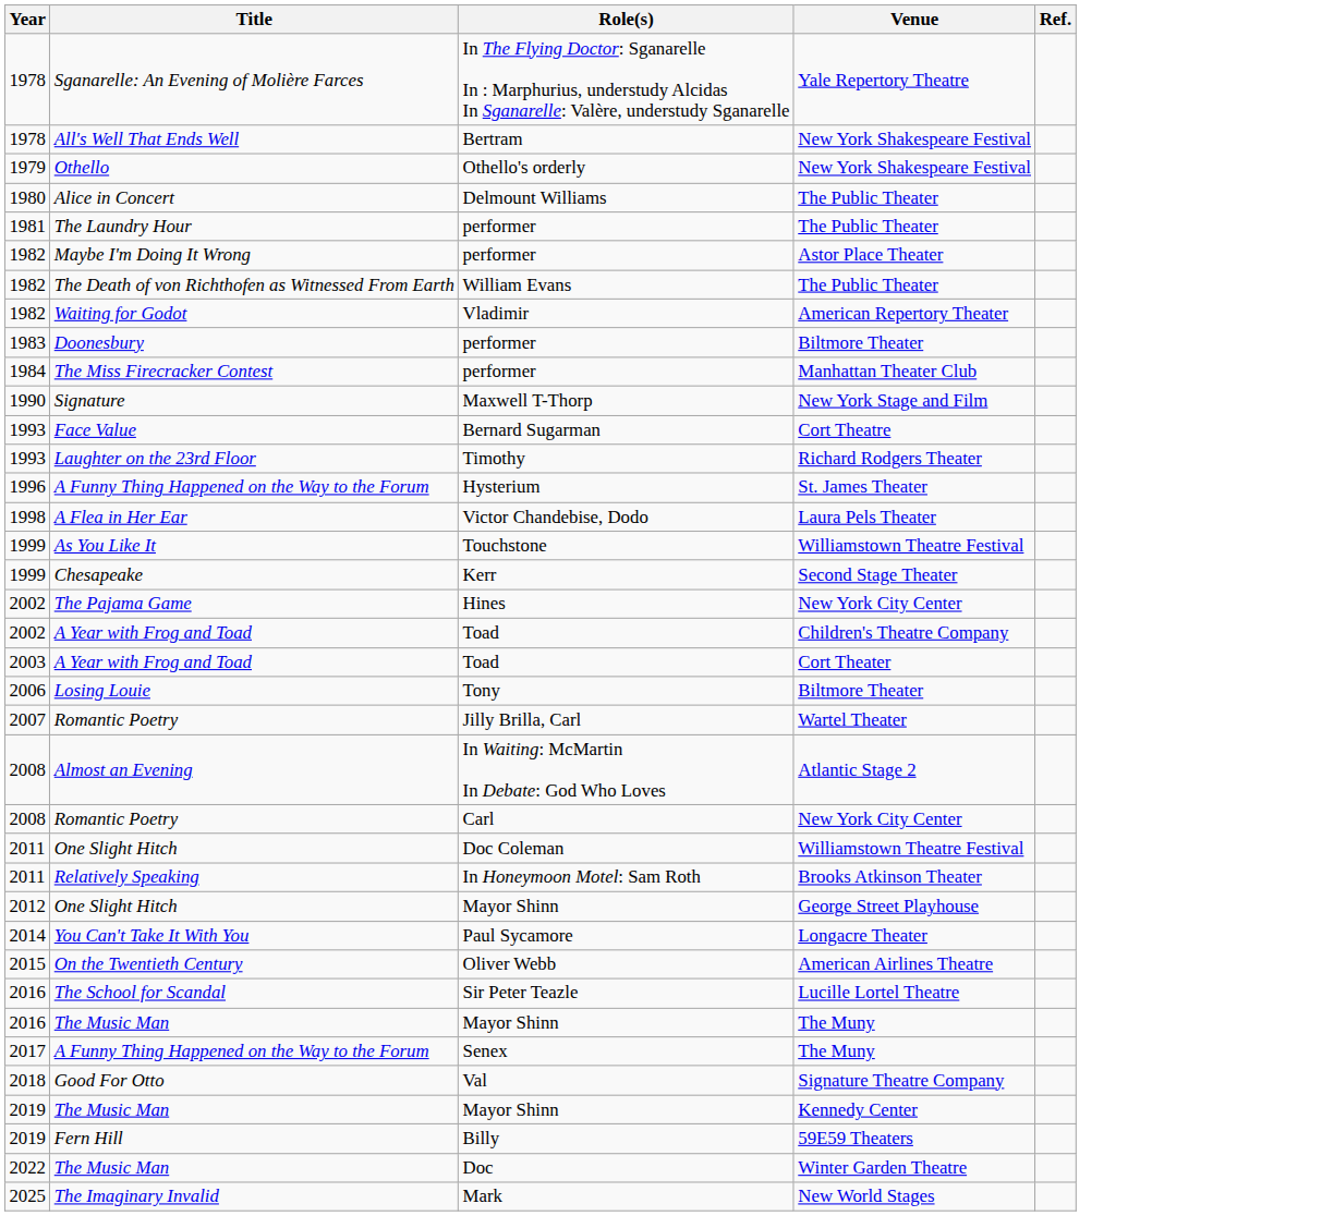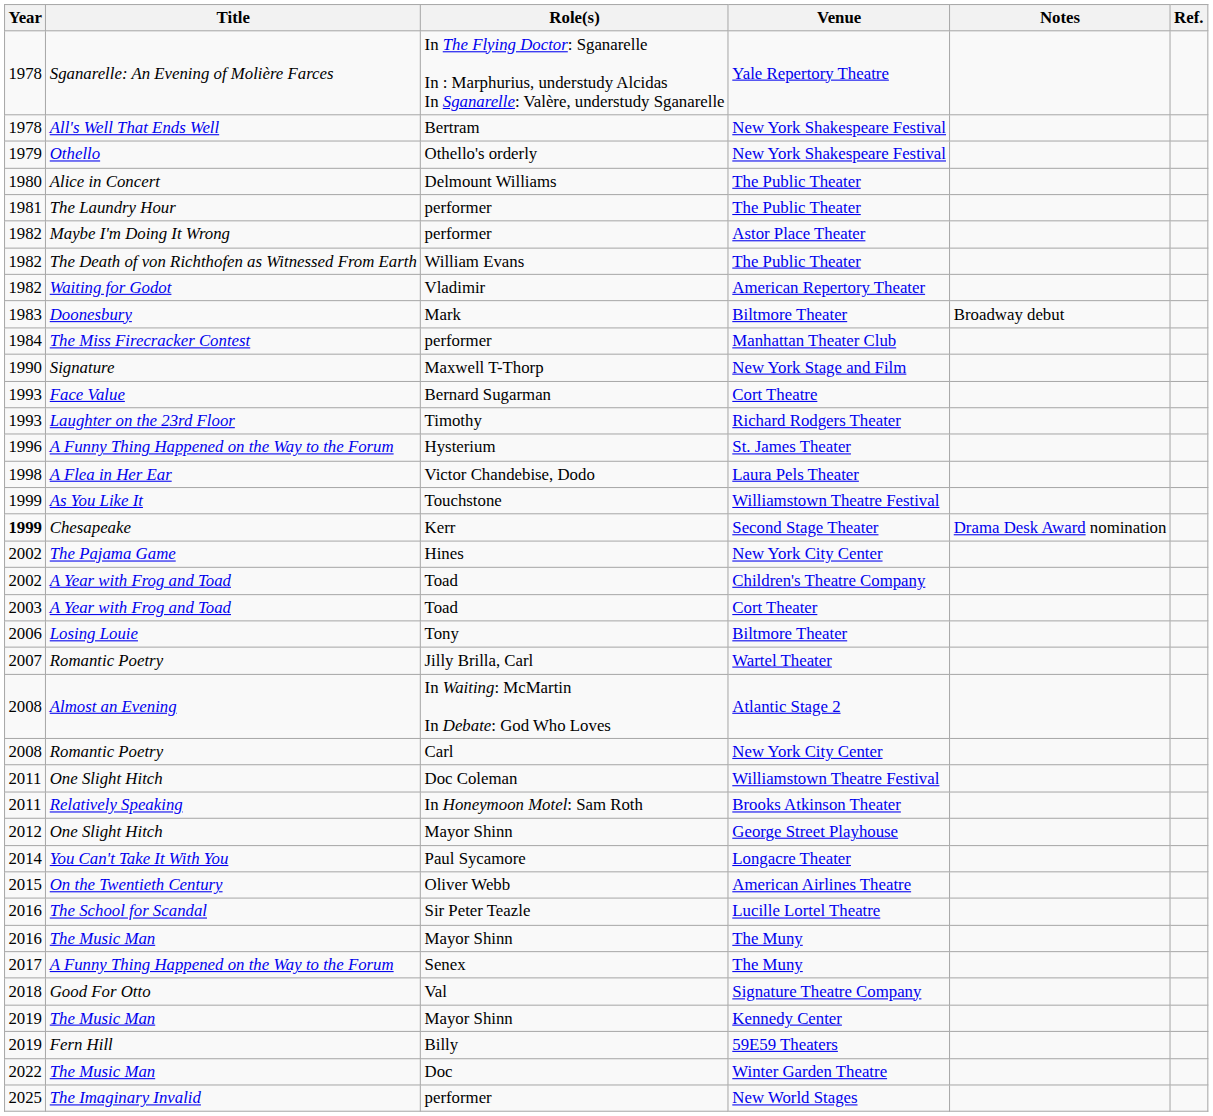 <table class="wikitable">
 <tr>
 <th>Year</th>
 <th>Title</th>
 <th>Role(s)</th>
 <th>Venue</th>
+<th>Notes</th>
 <th>Ref.</th>
 </tr>
 <tr>
 <td>1978</td>
 <td><em>Sganarelle: An Evening of Molière Farces</em></td>
 <td>In <em><a href='#'>The Flying Doctor</a></em>: Sganarelle<br><br>In <em></em>: Marphurius, understudy Alcidas<br> In <em><a href='#'>Sganarelle</a></em>: Valère, understudy Sganarelle</td>
 <td><a href='#'>Yale Repertory Theatre</a></td>
 <td></td>
+<td></td>
 </tr>
 <tr>
 <td>1978</td>
 <td><em><a href='#'>All's Well That Ends Well</a></em></td>
 <td>Bertram</td>
 <td><a href='#'>New York Shakespeare Festival</a></td>
+<td></td>
 <td></td>
 </tr>
 <tr>
 <td>1979</td>
 <td><em><a href='#'>Othello</a></em></td>
 <td>Othello's orderly</td>
 <td><a href='#'>New York Shakespeare Festival</a></td>
 <td></td>
+<td></td>
 </tr>
 <tr>
 <td>1980</td>
 <td><em>Alice in Concert</em></td>
 <td>Delmount Williams</td>
 <td><a href='#'>The Public Theater</a></td>
+<td></td>
 <td></td>
 </tr>
 <tr>
 <td>1981</td>
 <td><em>The Laundry Hour</em></td>
 <td>performer</td>
 <td><a href='#'>The Public Theater</a></td>
 <td></td>
+<td></td>
 </tr>
 <tr>
 <td>1982</td>
 <td><em>Maybe I'm Doing It Wrong</em></td>
 <td>performer</td>
 <td><a href='#'>Astor Place Theater</a></td>
+<td></td>
 <td></td>
 </tr>
 <tr>
 <td>1982</td>
 <td><em>The Death of von Richthofen as Witnessed From Earth</em></td>
 <td>William Evans</td>
 <td><a href='#'>The Public Theater</a></td>
 <td></td>
+<td></td>
 </tr>
 <tr>
 <td>1982</td>
 <td><em><a href='#'>Waiting for Godot</a></em></td>
 <td>Vladimir</td>
 <td><a href='#'>American Repertory Theater</a></td>
 <td></td>
+<td></td>
 </tr>
 <tr>
 <td>1983</td>
 <td><em><a href='#'>Doonesbury</a></em></td>
-<td>performer</td>
+<td>Mark</td>
 <td><a href='#'>Biltmore Theater</a></td>
+<td>Broadway debut</td>
 <td></td>
 </tr>
 <tr>
 <td>1984</td>
 <td><em><a href='#'>The Miss Firecracker Contest</a></em></td>
 <td>performer</td>
 <td><a href='#'>Manhattan Theater Club</a></td>
 <td></td>
+<td></td>
 </tr>
 <tr>
 <td>1990</td>
 <td><em>Signature</em></td>
 <td>Maxwell T-Thorp</td>
 <td><a href='#'>New York Stage and Film</a></td>
+<td></td>
 <td></td>
 </tr>
 <tr>
 <td>1993</td>
 <td><em><a href='#'>Face Value</a></em></td>
 <td>Bernard Sugarman</td>
 <td><a href='#'>Cort Theatre</a></td>
 <td></td>
+<td></td>
 </tr>
 <tr>
 <td>1993</td>
 <td><em><a href='#'>Laughter on the 23rd Floor</a></em></td>
 <td>Timothy</td>
 <td><a href='#'>Richard Rodgers Theater</a></td>
+<td></td>
 <td></td>
 </tr>
 <tr>
 <td>1996</td>
 <td><em><a href='#'>A Funny Thing Happened on the Way to the Forum</a></em></td>
 <td>Hysterium</td>
 <td><a href='#'>St. James Theater</a></td>
 <td></td>
+<td></td>
 </tr>
 <tr>
 <td>1998</td>
 <td><em><a href='#'>A Flea in Her Ear</a></em></td>
 <td>Victor Chandebise, Dodo</td>
 <td><a href='#'>Laura Pels Theater</a></td>
+<td></td>
 <td></td>
 </tr>
 <tr>
 <td>1999</td>
 <td><em><a href='#'>As You Like It</a></em></td>
 <td>Touchstone</td>
 <td><a href='#'>Williamstown Theatre Festival</a></td>
 <td></td>
+<td></td>
 </tr>
 <tr>
-<td>1999</td>
+<td><strong>1999</strong></td>
 <td><em>Chesapeake</em></td>
 <td>Kerr</td>
 <td><a href='#'>Second Stage Theater</a></td>
+<td><a href='#'>Drama Desk Award</a> nomination</td>
 <td></td>
 </tr>
 <tr>
 <td>2002</td>
 <td><em><a href='#'>The Pajama Game</a></em></td>
 <td>Hines</td>
 <td><a href='#'>New York City Center</a></td>
 <td></td>
+<td></td>
 </tr>
 <tr>
 <td>2002</td>
 <td><em><a href='#'>A Year with Frog and Toad</a></em></td>
 <td>Toad</td>
 <td><a href='#'>Children's Theatre Company</a></td>
+<td></td>
 <td></td>
 </tr>
 <tr>
 <td>2003</td>
 <td><em><a href='#'>A Year with Frog and Toad</a></em></td>
 <td>Toad</td>
 <td><a href='#'>Cort Theater</a></td>
 <td></td>
+<td></td>
 </tr>
 <tr>
 <td>2006</td>
 <td><em><a href='#'>Losing Louie</a></em></td>
 <td>Tony</td>
 <td><a href='#'>Biltmore Theater</a></td>
+<td></td>
 <td></td>
 </tr>
 <tr>
 <td>2007</td>
 <td><em>Romantic Poetry</em></td>
 <td>Jilly Brilla, Carl</td>
 <td><a href='#'>Wartel Theater</a></td>
 <td></td>
+<td></td>
 </tr>
 <tr>
 <td>2008</td>
 <td><em><a href='#'>Almost an Evening</a></em></td>
 <td>In <em>Waiting</em>: McMartin<br><br>In <em>Debate</em>: God Who Loves</td>
 <td><a href='#'>Atlantic Stage 2</a></td>
+<td></td>
 <td></td>
 </tr>
 <tr>
 <td>2008</td>
 <td><em>Romantic Poetry</em></td>
 <td>Carl</td>
 <td><a href='#'>New York City Center</a></td>
 <td></td>
+<td></td>
 </tr>
 <tr>
 <td>2011</td>
 <td><em>One Slight Hitch</em></td>
 <td>Doc Coleman</td>
 <td><a href='#'>Williamstown Theatre Festival</a></td>
+<td></td>
 <td></td>
 </tr>
 <tr>
 <td>2011</td>
 <td><em><a href='#'>Relatively Speaking</a></em></td>
 <td>In <em>Honeymoon Motel</em>: Sam Roth</td>
 <td><a href='#'>Brooks Atkinson Theater</a></td>
 <td></td>
+<td></td>
 </tr>
 <tr>
 <td>2012</td>
 <td><em>One Slight Hitch</em></td>
 <td>Mayor Shinn</td>
 <td><a href='#'>George Street Playhouse</a></td>
+<td></td>
 <td></td>
 </tr>
 <tr>
 <td>2014</td>
 <td><em><a href='#'>You Can't Take It With You</a></em></td>
 <td>Paul Sycamore</td>
 <td><a href='#'>Longacre Theater</a></td>
 <td></td>
+<td></td>
 </tr>
 <tr>
 <td>2015</td>
 <td><em><a href='#'>On the Twentieth Century</a></em></td>
 <td>Oliver Webb</td>
 <td><a href='#'>American Airlines Theatre</a></td>
+<td></td>
 <td></td>
 </tr>
 <tr>
 <td>2016</td>
 <td><em><a href='#'>The School for Scandal</a></em></td>
 <td>Sir Peter Teazle</td>
 <td><a href='#'>Lucille Lortel Theatre</a></td>
 <td></td>
+<td></td>
 </tr>
 <tr>
 <td>2016</td>
 <td><em><a href='#'>The Music Man</a></em></td>
 <td>Mayor Shinn</td>
 <td><a href='#'>The Muny</a></td>
+<td></td>
 <td></td>
 </tr>
 <tr>
 <td>2017</td>
 <td><em><a href='#'>A Funny Thing Happened on the Way to the Forum</a></em></td>
 <td>Senex</td>
 <td><a href='#'>The Muny</a></td>
 <td></td>
+<td></td>
 </tr>
 <tr>
 <td>2018</td>
 <td><em>Good For Otto</em></td>
 <td>Val</td>
 <td><a href='#'>Signature Theatre Company</a></td>
+<td></td>
 <td></td>
 </tr>
 <tr>
 <td>2019</td>
 <td><em><a href='#'>The Music Man</a></em></td>
 <td>Mayor Shinn</td>
 <td><a href='#'>Kennedy Center</a></td>
 <td></td>
+<td></td>
 </tr>
 <tr>
 <td>2019</td>
 <td><em>Fern Hill</em></td>
 <td>Billy</td>
 <td><a href='#'>59E59 Theaters</a></td>
+<td></td>
 <td></td>
 </tr>
 <tr>
 <td>2022</td>
 <td><em><a href='#'>The Music Man</a></em></td>
 <td>Doc</td>
 <td><a href='#'>Winter Garden Theatre</a></td>
 <td></td>
+<td></td>
 </tr>
 <tr>
 <td>2025</td>
 <td><em><a href='#'>The Imaginary Invalid</a></em></td>
-<td>Mark</td>
+<td>performer</td>
 <td><a href='#'>New World Stages</a></td>
+<td></td>
 <td></td>
 </tr>
 </table>
